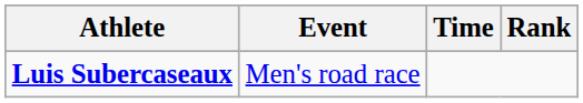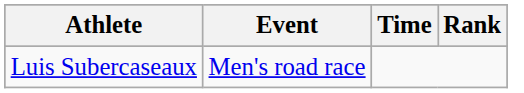 <table class=wikitable style=font-size:90%;text-align:center>
 <tr>
 <th>Athlete</th>
 <th>Event</th>
 <th>Time</th>
 <th>Rank</th>
 </tr>
 <tr>
-<td align=left><strong><a href='#'>Luis Subercaseaux</a></strong></td>
+<td align=left><a href='#'>Luis Subercaseaux</a></td>
 <td align=left rowspan=6><a href='#'>Men's road race</a></td>
 <td colspan=2></td>
 </tr>
 </table>
